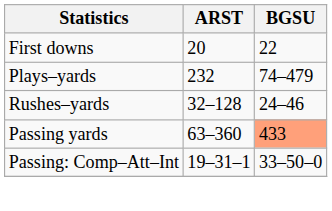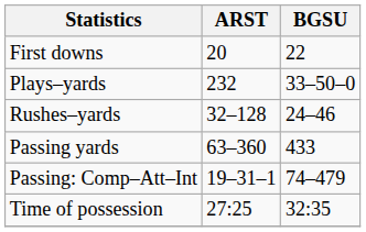 <table class="wikitable" style="float: left;">
 <tr>
 <th>Statistics</th>
 <th>ARST</th>
 <th>BGSU</th>
 </tr>
 <tr>
 <td>First downs</td>
 <td>20</td>
 <td>22</td>
 </tr>
 <tr>
 <td>Plays–yards</td>
 <td>232</td>
-<td>74–479</td>
+<td>33–50–0</td>
 </tr>
 <tr>
 <td>Rushes–yards</td>
 <td>32–128</td>
 <td>24–46</td>
 </tr>
 <tr>
 <td>Passing yards</td>
 <td>63–360</td>
-<td style="background: lightsalmon;">433</td>
+<td>433</td>
 </tr>
 <tr>
 <td>Passing: Comp–Att–Int</td>
 <td>19–31–1</td>
-<td>33–50–0</td>
+<td>74–479</td>
+</tr>
+<tr>
+<td>Time of possession</td>
+<td>27:25</td>
+<td>32:35</td>
 </tr>
 <tr>
 </tr>
 </table>
